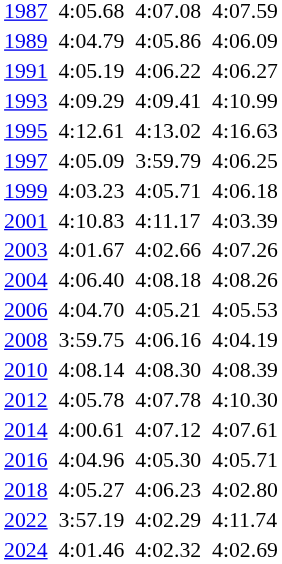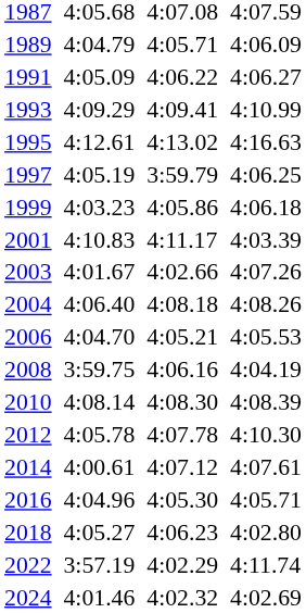 <table>
 <tr valign="top">
 <td><a href='#'>1987</a><br></td>
 <td></td>
 <td>4:05.68</td>
 <td></td>
 <td>4:07.08 </td>
 <td></td>
 <td>4:07.59 </td>
 </tr>
 <tr valign="top">
 <td><a href='#'>1989</a><br></td>
 <td></td>
 <td>4:04.79 </td>
 <td></td>
-<td>4:05.86 </td>
+<td>4:05.71 </td>
 <td></td>
 <td>4:06.09 </td>
 </tr>
 <tr valign="top">
 <td><a href='#'>1991</a><br></td>
 <td></td>
-<td>4:05.19 </td>
+<td>4:05.09</td>
 <td></td>
 <td>4:06.22 </td>
 <td></td>
 <td>4:06.27 </td>
 </tr>
 <tr valign="top">
 <td><a href='#'>1993</a><br></td>
 <td></td>
 <td>4:09.29</td>
 <td></td>
 <td>4:09.41</td>
 <td></td>
 <td>4:10.99</td>
 </tr>
 <tr valign="top">
 <td><a href='#'>1995</a><br></td>
 <td></td>
 <td>4:12.61 </td>
 <td></td>
 <td>4:13.02</td>
 <td></td>
 <td>4:16.63</td>
 </tr>
 <tr valign="top">
 <td><a href='#'>1997</a><br></td>
 <td></td>
-<td>4:05.09</td>
+<td>4:05.19 </td>
 <td></td>
 <td>3:59.79 </td>
 <td></td>
 <td>4:06.25 </td>
 </tr>
 <tr valign="top">
 <td><a href='#'>1999</a><br></td>
 <td></td>
 <td>4:03.23 </td>
 <td></td>
-<td>4:05.71 </td>
+<td>4:05.86 </td>
 <td></td>
 <td>4:06.18 </td>
 </tr>
 <tr valign="top">
 <td><a href='#'>2001</a><br></td>
 <td></td>
 <td>4:10.83</td>
 <td></td>
 <td>4:11.17</td>
 <td></td>
 <td>4:03.39</td>
 </tr>
 <tr valign="top">
 <td><a href='#'>2003</a><br></td>
 <td></td>
 <td>4:01.67 </td>
 <td></td>
 <td>4:02.66 </td>
 <td></td>
 <td>4:07.26</td>
 </tr>
 <tr valign="top">
 <td><a href='#'>2004</a><br></td>
 <td></td>
 <td>4:06.40</td>
 <td></td>
 <td>4:08.18 </td>
 <td></td>
 <td>4:08.26</td>
 </tr>
 <tr valign="top">
 <td><a href='#'>2006</a><br></td>
 <td></td>
 <td>4:04.70</td>
 <td></td>
 <td>4:05.21</td>
 <td></td>
 <td>4:05.53</td>
 </tr>
 <tr valign="top">
 <td><a href='#'>2008</a><br></td>
 <td></td>
 <td>3:59.75 </td>
 <td></td>
 <td>4:06.16 </td>
 <td></td>
 <td>4:04.19 </td>
 </tr>
 <tr valign="top">
 <td><a href='#'>2010</a><br></td>
 <td></td>
 <td>4:08.14</td>
 <td></td>
 <td>4:08.30</td>
 <td></td>
 <td>4:08.39</td>
 </tr>
 <tr valign="top">
 <td><a href='#'>2012</a><br></td>
 <td></td>
 <td>4:05.78</td>
 <td></td>
 <td>4:07.78</td>
 <td></td>
 <td>4:10.30</td>
 </tr>
 <tr valign="top">
 <td><a href='#'>2014</a><br></td>
 <td></td>
 <td>4:00.61</td>
 <td></td>
 <td>4:07.12 </td>
 <td></td>
 <td>4:07.61 </td>
 </tr>
 <tr valign="top">
 <td><a href='#'>2016</a><br></td>
 <td></td>
 <td>4:04.96</td>
 <td></td>
 <td>4:05.30</td>
 <td></td>
 <td>4:05.71</td>
 </tr>
 <tr valign="top">
 <td><a href='#'>2018</a><br></td>
 <td></td>
 <td>4:05.27</td>
 <td></td>
 <td>4:06.23</td>
 <td></td>
 <td>4:02.80</td>
 </tr>
 <tr valign="top">
 <td><a href='#'>2022</a><br></td>
 <td></td>
 <td>3:57.19 </td>
 <td></td>
 <td>4:02.29</td>
 <td></td>
 <td>4:11.74</td>
 </tr>
 <tr valign="top">
 <td><a href='#'>2024</a><br></td>
 <td></td>
 <td>4:01.46</td>
 <td></td>
 <td>4:02.32</td>
 <td></td>
 <td>4:02.69</td>
 </tr>
 </table>
